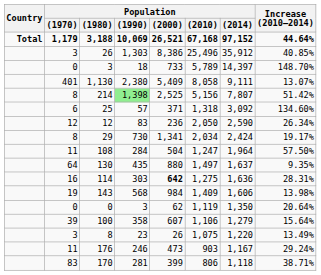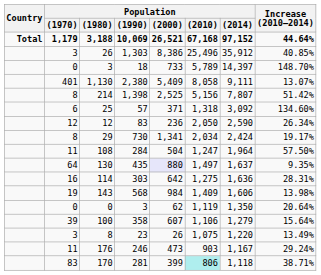 <table class="wikitable sortable col1left" style="text-align:right;">
 <tr>
 <th rowspan=2>Country</th>
 <th colspan=6>Population</th>
 <th rowspan=2>Increase<br>(2010–2014)</th>
 </tr>
 <tr>
 <th>(1970)</th>
 <th>(1980)</th>
 <th>(1990)</th>
 <th>(2000)</th>
 <th>(2010)</th>
 <th>(2014)</th>
 </tr>
 <tr>
 <td><strong>Total</strong></td>
 <td><strong>1,179</strong></td>
 <td><strong>3,188</strong></td>
 <td><strong>10,069</strong></td>
 <td><strong>26,521</strong></td>
 <td><strong>67,168</strong></td>
 <td><strong>97,152</strong></td>
 <td><strong>44.64%</strong></td>
 </tr>
 <tr>
 <td></td>
 <td>3</td>
 <td>26</td>
 <td>1,303</td>
 <td>8,386</td>
 <td>25,496</td>
 <td>35,912</td>
 <td>40.85%</td>
 </tr>
 <tr>
 <td></td>
 <td>0</td>
 <td>3</td>
 <td>18</td>
 <td>733</td>
 <td>5,789</td>
 <td>14,397</td>
 <td>148.70%</td>
 </tr>
 <tr>
 <td></td>
 <td>401</td>
 <td>1,130</td>
 <td>2,380</td>
 <td>5,409</td>
 <td>8,058</td>
 <td>9,111</td>
 <td>13.07%</td>
 </tr>
 <tr>
 <td></td>
 <td>8</td>
 <td>214</td>
-<td style="background: lightgreen;">1,398</td>
+<td>1,398</td>
 <td>2,525</td>
 <td>5,156</td>
 <td>7,807</td>
 <td>51.42%</td>
 </tr>
 <tr>
 <td></td>
 <td>6</td>
 <td>25</td>
 <td>57</td>
 <td>371</td>
 <td>1,318</td>
 <td>3,092</td>
 <td>134.60%</td>
 </tr>
 <tr>
 <td></td>
 <td>12</td>
 <td>12</td>
 <td>83</td>
 <td>236</td>
 <td>2,050</td>
 <td>2,590</td>
 <td>26.34%</td>
 </tr>
 <tr>
 <td></td>
 <td>8</td>
 <td>29</td>
 <td>730</td>
 <td>1,341</td>
 <td>2,034</td>
 <td>2,424</td>
 <td>19.17%</td>
 </tr>
 <tr>
 <td></td>
 <td>11</td>
 <td>108</td>
 <td>284</td>
 <td>504</td>
 <td>1,247</td>
 <td>1,964</td>
 <td>57.50%</td>
 </tr>
 <tr>
 <td></td>
 <td>64</td>
 <td>130</td>
 <td>435</td>
-<td>880</td>
+<td style="background: lavender;">880</td>
 <td>1,497</td>
 <td>1,637</td>
 <td>9.35%</td>
 </tr>
 <tr>
 <td></td>
 <td>16</td>
 <td>114</td>
 <td>303</td>
-<td><strong>642</strong></td>
+<td>642</td>
 <td>1,275</td>
 <td>1,636</td>
 <td>28.31%</td>
 </tr>
 <tr>
 <td></td>
 <td>19</td>
 <td>143</td>
 <td>568</td>
 <td>984</td>
 <td>1,409</td>
 <td>1,606</td>
 <td>13.98%</td>
 </tr>
 <tr>
 <td></td>
 <td>0</td>
 <td>0</td>
 <td>3</td>
 <td>62</td>
 <td>1,119</td>
 <td>1,350</td>
 <td>20.64%</td>
 </tr>
 <tr>
 <td></td>
 <td>39</td>
 <td>100</td>
 <td>358</td>
 <td>607</td>
 <td>1,106</td>
 <td>1,279</td>
 <td>15.64%</td>
 </tr>
 <tr>
 <td></td>
 <td>3</td>
 <td>8</td>
 <td>23</td>
 <td>26</td>
 <td>1,075</td>
 <td>1,220</td>
 <td>13.49%</td>
 </tr>
 <tr>
 <td></td>
 <td>11</td>
 <td>176</td>
 <td>246</td>
 <td>473</td>
 <td>903</td>
 <td>1,167</td>
 <td>29.24%</td>
 </tr>
 <tr>
 <td></td>
 <td>83</td>
 <td>170</td>
 <td>281</td>
 <td>399</td>
-<td>806</td>
+<td style="background: paleturquoise;">806</td>
 <td>1,118</td>
 <td>38.71%</td>
 </tr>
 </table>
